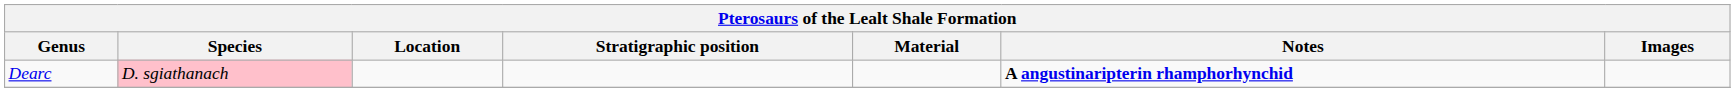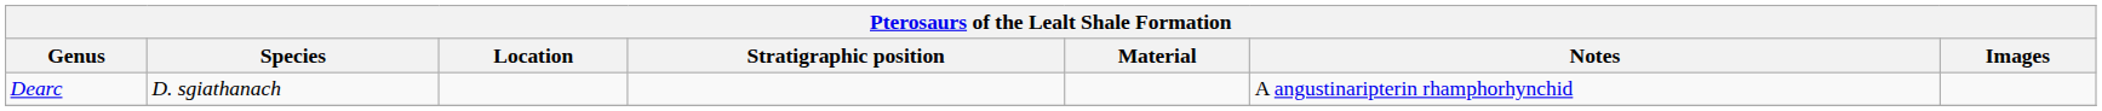 <table class="wikitable" align="center" width="100%">
 <tr>
 <th colspan="7" align="center"><strong><a href='#'>Pterosaurs</a> of the Lealt Shale Formation</strong></th>
 </tr>
 <tr>
 <th>Genus</th>
 <th>Species</th>
 <th>Location</th>
 <th>Stratigraphic position</th>
 <th>Material</th>
 <th>Notes</th>
 <th>Images</th>
 </tr>
 <tr>
 <td><em><a href='#'>Dearc</a></em></td>
-<td style="background: pink;"><em>D. sgiathanach</em></td>
+<td><em>D. sgiathanach</em></td>
 <td></td>
 <td></td>
 <td></td>
-<td><strong>A <a href='#'>angustinaripterin rhamphorhynchid</a></strong></td>
+<td>A <a href='#'>angustinaripterin rhamphorhynchid</a></td>
 <td></td>
 </tr>
 <tr>
 </tr>
 </table>
